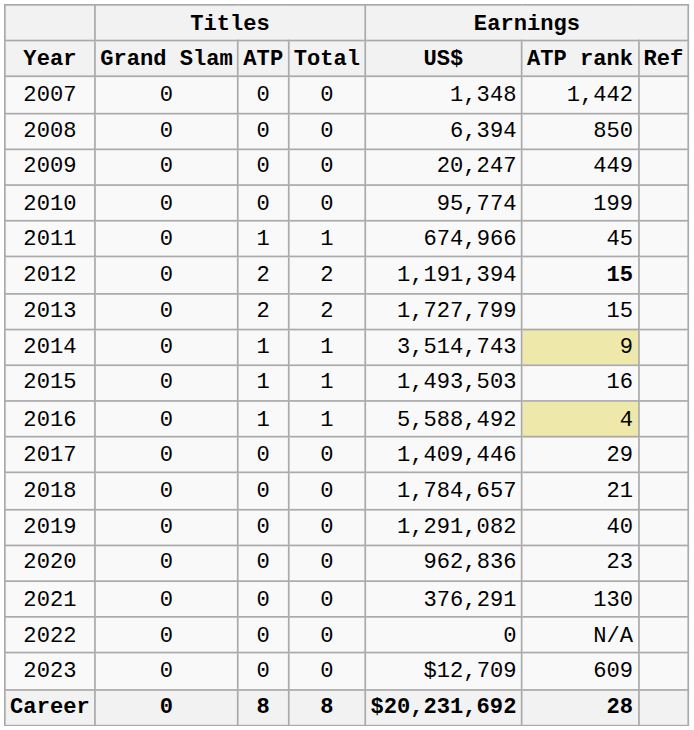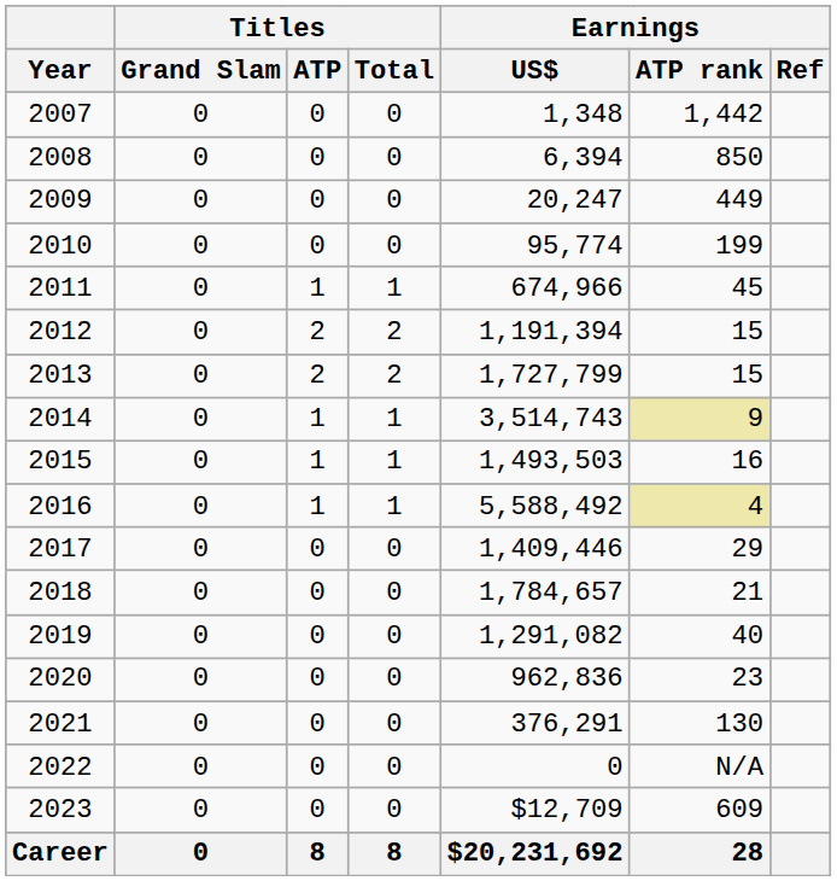 <table class=wikitable style=text-align:center>
 <tr>
 <th></th>
 <th colspan=3>Titles</th>
 <th colspan=3>Earnings</th>
 </tr>
 <tr>
 <th>Year</th>
 <th>Grand Slam</th>
 <th>ATP</th>
 <th>Total</th>
 <th>US$</th>
 <th>ATP rank</th>
 <th>Ref</th>
 </tr>
 <tr>
 <td>2007</td>
 <td>0</td>
 <td>0</td>
 <td>0</td>
 <td style=text-align:right>1,348</td>
 <td style=text-align:right>1,442</td>
 <td></td>
 </tr>
 <tr>
 <td>2008</td>
 <td>0</td>
 <td>0</td>
 <td>0</td>
 <td style=text-align:right>6,394</td>
 <td style=text-align:right>850</td>
 <td></td>
 </tr>
 <tr>
 <td>2009</td>
 <td>0</td>
 <td>0</td>
 <td>0</td>
 <td style=text-align:right>20,247</td>
 <td style=text-align:right>449</td>
 <td></td>
 </tr>
 <tr>
 <td>2010</td>
 <td>0</td>
 <td>0</td>
 <td>0</td>
 <td style=text-align:right>95,774</td>
 <td style=text-align:right>199</td>
 <td></td>
 </tr>
 <tr>
 <td>2011</td>
 <td>0</td>
 <td>1</td>
 <td>1</td>
 <td style=text-align:right>674,966</td>
 <td style=text-align:right>45</td>
 <td></td>
 </tr>
 <tr>
 <td>2012</td>
 <td>0</td>
 <td>2</td>
 <td>2</td>
 <td style=text-align:right>1,191,394</td>
-<td style=text-align:right><strong>15</strong></td>
+<td style=text-align:right>15</td>
 <td></td>
 </tr>
 <tr>
 <td>2013</td>
 <td>0</td>
 <td>2</td>
 <td>2</td>
 <td style=text-align:right>1,727,799</td>
 <td style=text-align:right>15</td>
 <td></td>
 </tr>
 <tr>
 <td>2014</td>
 <td>0</td>
 <td>1</td>
 <td>1</td>
 <td style=text-align:right>3,514,743</td>
 <td style=background:#eee8aa;text-align:right>9</td>
 <td></td>
 </tr>
 <tr>
 <td>2015</td>
 <td>0</td>
 <td>1</td>
 <td>1</td>
 <td style=text-align:right>1,493,503</td>
 <td style=text-align:right>16</td>
 <td></td>
 </tr>
 <tr>
 <td>2016</td>
 <td>0</td>
 <td>1</td>
 <td>1</td>
 <td style=text-align:right>5,588,492</td>
 <td style=background:#eee8aa;text-align:right>4</td>
 <td></td>
 </tr>
 <tr>
 <td>2017</td>
 <td>0</td>
 <td>0</td>
 <td>0</td>
 <td style=text-align:right>1,409,446</td>
 <td style=text-align:right>29</td>
 <td></td>
 </tr>
 <tr>
 <td>2018</td>
 <td>0</td>
 <td>0</td>
 <td>0</td>
 <td style=text-align:right>1,784,657</td>
 <td style=text-align:right>21</td>
 <td></td>
 </tr>
 <tr>
 <td>2019</td>
 <td>0</td>
 <td>0</td>
 <td>0</td>
 <td style=text-align:right>1,291,082</td>
 <td style=text-align:right>40</td>
 <td></td>
 </tr>
 <tr>
 <td>2020</td>
 <td>0</td>
 <td>0</td>
 <td>0</td>
 <td style=text-align:right>962,836</td>
 <td style=text-align:right>23</td>
 <td></td>
 </tr>
 <tr>
 <td>2021</td>
 <td>0</td>
 <td>0</td>
 <td>0</td>
 <td style=text-align:right>376,291</td>
 <td style=text-align:right>130</td>
 <td></td>
 </tr>
 <tr>
 <td>2022</td>
 <td>0</td>
 <td>0</td>
 <td>0</td>
 <td style=text-align:right>0</td>
 <td style=text-align:right>N/A</td>
 <td></td>
 </tr>
 <tr>
 <td>2023</td>
 <td>0</td>
 <td>0</td>
 <td>0</td>
 <td style=text-align:right>$12,709</td>
 <td style=text-align:right>609</td>
 <td></td>
 </tr>
 <tr>
 <th>Career</th>
 <th>0</th>
 <th>8</th>
 <th>8</th>
 <th style=text-align:right>$20,231,692</th>
 <th style=text-align:right>28</th>
 <th></th>
 </tr>
 </table>
